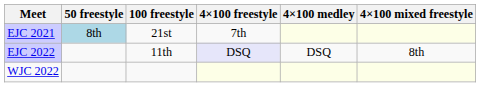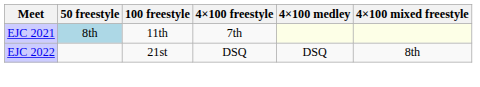 <table class="sortable wikitable">
 <tr>
 <th>Meet</th>
 <th class="unsortable">50 freestyle</th>
 <th class="unsortable">100 freestyle</th>
 <th class="unsortable">4×100 freestyle</th>
 <th class="unsortable">4×100 medley</th>
 <th class="unsortable">4×100 mixed freestyle</th>
 </tr>
 <tr>
 <td style="background:#ccccff"><a href='#'>EJC 2021</a></td>
 <td align="center" style="background: lightblue;">8th</td>
-<td align="center">21st</td>
+<td align="center">11th</td>
 <td align="center">7th</td>
 <td style="background:#fdffe7"></td>
 <td style="background:#fdffe7"></td>
 </tr>
 <tr>
 <td style="background:#ccccff"><a href='#'>EJC 2022</a></td>
 <td align="center"></td>
-<td align="center">11th</td>
-<td align="center" style="background: lavender;">DSQ</td>
+<td align="center">21st</td>
+<td align="center">DSQ</td>
 <td align="center">DSQ</td>
 <td align="center">8th</td>
 </tr>
-<tr>
-<td><a href='#'>WJC 2022</a></td>
-<td align="center"></td>
-<td align="center"></td>
-<td style="background:#fdffe7"></td>
-<td style="background:#fdffe7"></td>
-<td style="background:#fdffe7"></td>
-</tr>
 </table>
